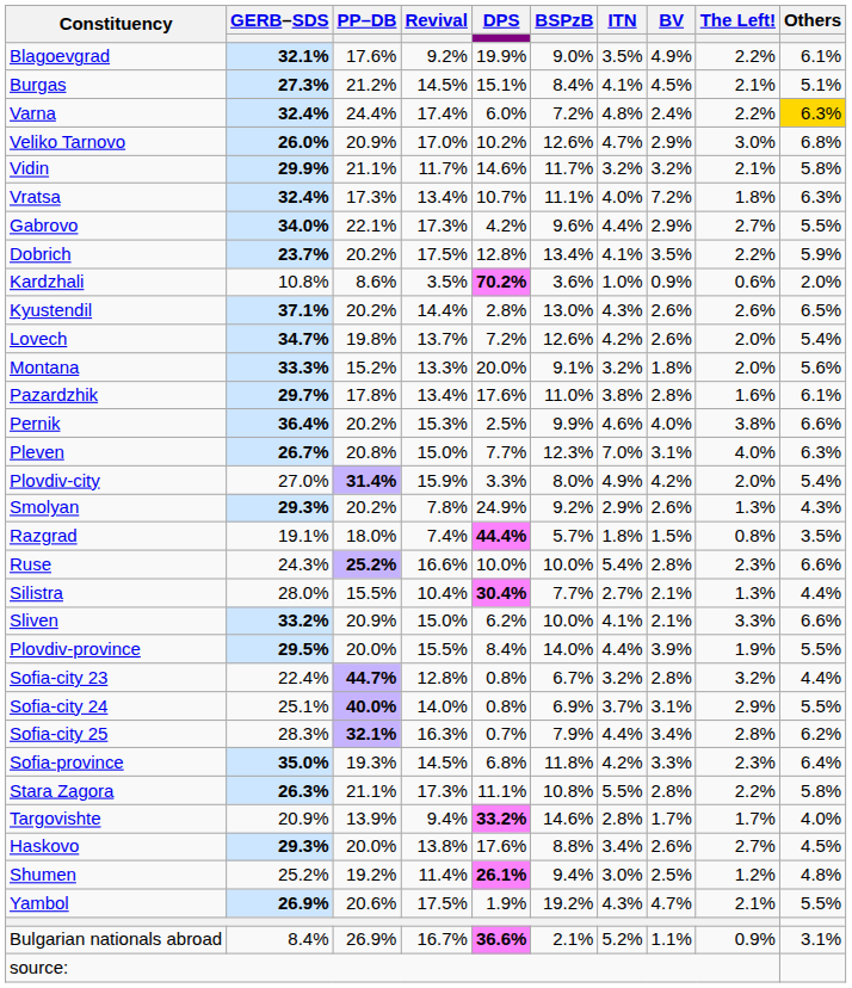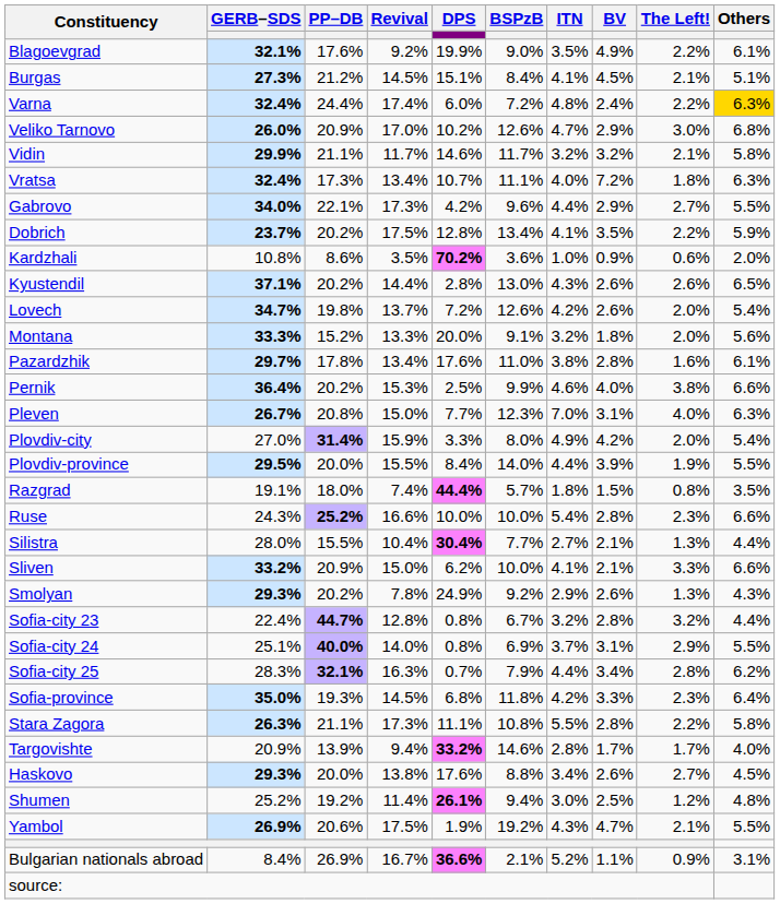 <table class="wikitable sortable collapsible" style="font-size:90%;text-align:right">
 <tr>
 <th rowspan=2>Constituency</th>
 <th><a href='#'>GERB</a>–<a href='#'>SDS</a></th>
 <th><a href='#'>PP–DB</a></th>
 <th><a href='#'>Revival</a></th>
 <th><a href='#'>DPS</a></th>
 <th><a href='#'>BSPzB</a></th>
 <th><a href='#'>ITN</a></th>
 <th><a href='#'>BV</a></th>
 <th><a href='#'>The Left!</a></th>
 <th>Others</th>
 </tr>
 <tr>
 <th style=background:></th>
 <th style=background:></th>
 <th style="background:"></th>
 <th style="color:inherit;background:#800080"></th>
 <th style=background:></th>
 <th style=background:></th>
 <th style=background:></th>
 <th style=background:></th>
 <th style=background:></th>
 </tr>
 <tr>
 <td align=left><a href='#'>Blagoevgrad</a></td>
 <td style="background: #CCE6FF"><strong>32.1%</strong></td>
 <td>17.6%</td>
 <td>9.2%</td>
 <td>19.9%</td>
 <td>9.0%</td>
 <td>3.5%</td>
 <td>4.9%</td>
 <td>2.2%</td>
 <td>6.1%</td>
 </tr>
 <tr>
 <td align=left><a href='#'>Burgas</a></td>
 <td style="background: #CCE6FF"><strong>27.3%</strong></td>
 <td>21.2%</td>
 <td>14.5%</td>
 <td>15.1%</td>
 <td>8.4%</td>
 <td>4.1%</td>
 <td>4.5%</td>
 <td>2.1%</td>
 <td>5.1%</td>
 </tr>
 <tr>
 <td align=left><a href='#'>Varna</a></td>
 <td style="background: #CCE6FF"><strong>32.4%</strong></td>
 <td>24.4%</td>
 <td>17.4%</td>
 <td>6.0%</td>
 <td>7.2%</td>
 <td>4.8%</td>
 <td>2.4%</td>
 <td>2.2%</td>
 <td style="background: gold;">6.3%</td>
 </tr>
 <tr>
 <td align=left><a href='#'>Veliko Tarnovo</a></td>
 <td style="background: #CCE6FF"><strong>26.0%</strong></td>
 <td>20.9%</td>
 <td>17.0%</td>
 <td>10.2%</td>
 <td>12.6%</td>
 <td>4.7%</td>
 <td>2.9%</td>
 <td>3.0%</td>
 <td>6.8%</td>
 </tr>
 <tr>
 <td align=left><a href='#'>Vidin</a></td>
 <td style="background: #CCE6FF"><strong>29.9%</strong></td>
 <td>21.1%</td>
 <td>11.7%</td>
 <td>14.6%</td>
 <td>11.7%</td>
 <td>3.2%</td>
 <td>3.2%</td>
 <td>2.1%</td>
 <td>5.8%</td>
 </tr>
 <tr>
 <td align=left><a href='#'>Vratsa</a></td>
 <td style="background: #CCE6FF"><strong>32.4%</strong></td>
 <td>17.3%</td>
 <td>13.4%</td>
 <td>10.7%</td>
 <td>11.1%</td>
 <td>4.0%</td>
 <td>7.2%</td>
 <td>1.8%</td>
 <td>6.3%</td>
 </tr>
 <tr>
 <td align=left><a href='#'>Gabrovo</a></td>
 <td style="background: #CCE6FF"><strong>34.0%</strong></td>
 <td>22.1%</td>
 <td>17.3%</td>
 <td>4.2%</td>
 <td>9.6%</td>
 <td>4.4%</td>
 <td>2.9%</td>
 <td>2.7%</td>
 <td>5.5%</td>
 </tr>
 <tr>
 <td align=left><a href='#'>Dobrich</a></td>
 <td style="background: #CCE6FF"><strong>23.7%</strong></td>
 <td>20.2%</td>
 <td>17.5%</td>
 <td>12.8%</td>
 <td>13.4%</td>
 <td>4.1%</td>
 <td>3.5%</td>
 <td>2.2%</td>
 <td>5.9%</td>
 </tr>
 <tr>
 <td align=left><a href='#'>Kardzhali</a></td>
 <td>10.8%</td>
 <td>8.6%</td>
 <td>3.5%</td>
 <td style="background: #FC81FC"><strong>70.2%</strong></td>
 <td>3.6%</td>
 <td>1.0%</td>
 <td>0.9%</td>
 <td>0.6%</td>
 <td>2.0%</td>
 </tr>
 <tr>
 <td align=left><a href='#'>Kyustendil</a></td>
 <td style="background: #CCE6FF"><strong>37.1%</strong></td>
 <td>20.2%</td>
 <td>14.4%</td>
 <td>2.8%</td>
 <td>13.0%</td>
 <td>4.3%</td>
 <td>2.6%</td>
 <td>2.6%</td>
 <td>6.5%</td>
 </tr>
 <tr>
 <td align=left><a href='#'>Lovech</a></td>
 <td style="background: #CCE6FF"><strong>34.7%</strong></td>
 <td>19.8%</td>
 <td>13.7%</td>
 <td>7.2%</td>
 <td>12.6%</td>
 <td>4.2%</td>
 <td>2.6%</td>
 <td>2.0%</td>
 <td>5.4%</td>
 </tr>
 <tr>
 <td align=left><a href='#'>Montana</a></td>
 <td style="background: #CCE6FF"><strong>33.3%</strong></td>
 <td>15.2%</td>
 <td>13.3%</td>
 <td>20.0%</td>
 <td>9.1%</td>
 <td>3.2%</td>
 <td>1.8%</td>
 <td>2.0%</td>
 <td>5.6%</td>
 </tr>
 <tr>
 <td align=left><a href='#'>Pazardzhik</a></td>
 <td style="background: #CCE6FF"><strong>29.7%</strong></td>
 <td>17.8%</td>
 <td>13.4%</td>
 <td>17.6%</td>
 <td>11.0%</td>
 <td>3.8%</td>
 <td>2.8%</td>
 <td>1.6%</td>
 <td>6.1%</td>
 </tr>
 <tr>
 <td align=left><a href='#'>Pernik</a></td>
 <td style="background: #CCE6FF"><strong>36.4%</strong></td>
 <td>20.2%</td>
 <td>15.3%</td>
 <td>2.5%</td>
 <td>9.9%</td>
 <td>4.6%</td>
 <td>4.0%</td>
 <td>3.8%</td>
 <td>6.6%</td>
 </tr>
 <tr>
 <td align=left><a href='#'>Pleven</a></td>
 <td style="background: #CCE6FF"><strong>26.7%</strong></td>
 <td>20.8%</td>
 <td>15.0%</td>
 <td>7.7%</td>
 <td>12.3%</td>
 <td>7.0%</td>
 <td>3.1%</td>
 <td>4.0%</td>
 <td>6.3%</td>
 </tr>
 <tr>
 <td align=left><a href='#'>Plovdiv-city</a></td>
 <td>27.0%</td>
 <td style="background:#C6B3FF"><strong>31.4%</strong></td>
 <td>15.9%</td>
 <td>3.3%</td>
 <td>8.0%</td>
 <td>4.9%</td>
 <td>4.2%</td>
 <td>2.0%</td>
 <td>5.4%</td>
 </tr>
 <tr>
-<td align=left><a href='#'>Smolyan</a></td>
-<td style="background: #CCE6FF"><strong>29.3%</strong></td>
-<td>20.2%</td>
-<td>7.8%</td>
-<td>24.9%</td>
-<td>9.2%</td>
-<td>2.9%</td>
-<td>2.6%</td>
-<td>1.3%</td>
-<td>4.3%</td>
+<td align=left><a href='#'>Plovdiv-province</a></td>
+<td style="background: #CCE6FF"><strong>29.5%</strong></td>
+<td>20.0%</td>
+<td>15.5%</td>
+<td>8.4%</td>
+<td>14.0%</td>
+<td>4.4%</td>
+<td>3.9%</td>
+<td>1.9%</td>
+<td>5.5%</td>
 </tr>
 <tr>
 <td align=left><a href='#'>Razgrad</a></td>
 <td>19.1%</td>
 <td>18.0%</td>
 <td>7.4%</td>
 <td style="background: #FC81FC"><strong>44.4%</strong></td>
 <td>5.7%</td>
 <td>1.8%</td>
 <td>1.5%</td>
 <td>0.8%</td>
 <td>3.5%</td>
 </tr>
 <tr>
 <td align=left><a href='#'>Ruse</a></td>
 <td>24.3%</td>
 <td style="background:#C6B3FF"><strong>25.2%</strong></td>
 <td>16.6%</td>
 <td>10.0%</td>
 <td>10.0%</td>
 <td>5.4%</td>
 <td>2.8%</td>
 <td>2.3%</td>
 <td>6.6%</td>
 </tr>
 <tr>
 <td align=left><a href='#'>Silistra</a></td>
 <td>28.0%</td>
 <td>15.5%</td>
 <td>10.4%</td>
 <td style="background: #FC81FC"><strong>30.4%</strong></td>
 <td>7.7%</td>
 <td>2.7%</td>
 <td>2.1%</td>
 <td>1.3%</td>
 <td>4.4%</td>
 </tr>
 <tr>
 <td align=left><a href='#'>Sliven</a></td>
 <td style="background: #CCE6FF"><strong>33.2%</strong></td>
 <td>20.9%</td>
 <td>15.0%</td>
 <td>6.2%</td>
 <td>10.0%</td>
 <td>4.1%</td>
 <td>2.1%</td>
 <td>3.3%</td>
 <td>6.6%</td>
 </tr>
 <tr>
-<td align=left><a href='#'>Plovdiv-province</a></td>
-<td style="background: #CCE6FF"><strong>29.5%</strong></td>
-<td>20.0%</td>
-<td>15.5%</td>
-<td>8.4%</td>
-<td>14.0%</td>
-<td>4.4%</td>
-<td>3.9%</td>
-<td>1.9%</td>
-<td>5.5%</td>
+<td align=left><a href='#'>Smolyan</a></td>
+<td style="background: #CCE6FF"><strong>29.3%</strong></td>
+<td>20.2%</td>
+<td>7.8%</td>
+<td>24.9%</td>
+<td>9.2%</td>
+<td>2.9%</td>
+<td>2.6%</td>
+<td>1.3%</td>
+<td>4.3%</td>
 </tr>
 <tr>
 <td align=left><a href='#'>Sofia-city 23</a></td>
 <td>22.4%</td>
 <td style="background:#C6B3FF"><strong>44.7%</strong></td>
 <td>12.8%</td>
 <td>0.8%</td>
 <td>6.7%</td>
 <td>3.2%</td>
 <td>2.8%</td>
 <td>3.2%</td>
 <td>4.4%</td>
 </tr>
 <tr>
 <td align=left><a href='#'>Sofia-city 24</a></td>
 <td>25.1%</td>
 <td style="background: #C6B3FF"><strong>40.0%</strong></td>
 <td>14.0%</td>
 <td>0.8%</td>
 <td>6.9%</td>
 <td>3.7%</td>
 <td>3.1%</td>
 <td>2.9%</td>
 <td>5.5%</td>
 </tr>
 <tr>
 <td align=left><a href='#'>Sofia-city 25</a></td>
 <td>28.3%</td>
 <td style="background: #C6B3FF"><strong>32.1%</strong></td>
 <td>16.3%</td>
 <td>0.7%</td>
 <td>7.9%</td>
 <td>4.4%</td>
 <td>3.4%</td>
 <td>2.8%</td>
 <td>6.2%</td>
 </tr>
 <tr>
 <td align=left><a href='#'>Sofia-province</a></td>
 <td style="background: #CCE6FF"><strong>35.0%</strong></td>
 <td>19.3%</td>
 <td>14.5%</td>
 <td>6.8%</td>
 <td>11.8%</td>
 <td>4.2%</td>
 <td>3.3%</td>
 <td>2.3%</td>
 <td>6.4%</td>
 </tr>
 <tr>
 <td align=left><a href='#'>Stara Zagora</a></td>
 <td style="background: #CCE6FF"><strong>26.3%</strong></td>
 <td>21.1%</td>
 <td>17.3%</td>
 <td>11.1%</td>
 <td>10.8%</td>
 <td>5.5%</td>
 <td>2.8%</td>
 <td>2.2%</td>
 <td>5.8%</td>
 </tr>
 <tr>
 <td align=left><a href='#'>Targovishte</a></td>
 <td>20.9%</td>
 <td>13.9%</td>
 <td>9.4%</td>
 <td style="background: #FC81FC"><strong>33.2%</strong></td>
 <td>14.6%</td>
 <td>2.8%</td>
 <td>1.7%</td>
 <td>1.7%</td>
 <td>4.0%</td>
 </tr>
 <tr>
 <td align=left><a href='#'>Haskovo</a></td>
 <td style="background: #CCE6FF"><strong>29.3%</strong></td>
 <td>20.0%</td>
 <td>13.8%</td>
 <td>17.6%</td>
 <td>8.8%</td>
 <td>3.4%</td>
 <td>2.6%</td>
 <td>2.7%</td>
 <td>4.5%</td>
 </tr>
 <tr>
 <td align=left><a href='#'>Shumen</a></td>
 <td>25.2%</td>
 <td>19.2%</td>
 <td>11.4%</td>
 <td style="background: #FC81FC"><strong>26.1%</strong></td>
 <td>9.4%</td>
 <td>3.0%</td>
 <td>2.5%</td>
 <td>1.2%</td>
 <td>4.8%</td>
 </tr>
 <tr>
 <td align=left><a href='#'>Yambol</a></td>
 <td style="background: #CCE6FF"><strong>26.9%</strong></td>
 <td>20.6%</td>
 <td>17.5%</td>
 <td>1.9%</td>
 <td>19.2%</td>
 <td>4.3%</td>
 <td>4.7%</td>
 <td>2.1%</td>
 <td>5.5%</td>
 </tr>
 <tr>
 <th colspan="9";></th>
 </tr>
 <tr>
 <td>Bulgarian nationals abroad</td>
 <td>8.4%</td>
 <td>26.9%</td>
 <td>16.7%</td>
 <td style="background: #FC81FC"><strong>36.6%</strong></td>
 <td>2.1%</td>
 <td>5.2%</td>
 <td>1.1%</td>
 <td>0.9%</td>
 <td>3.1%</td>
 </tr>
 <tr>
 <td align=left colspan=9>source: </td>
 </tr>
 </table>
